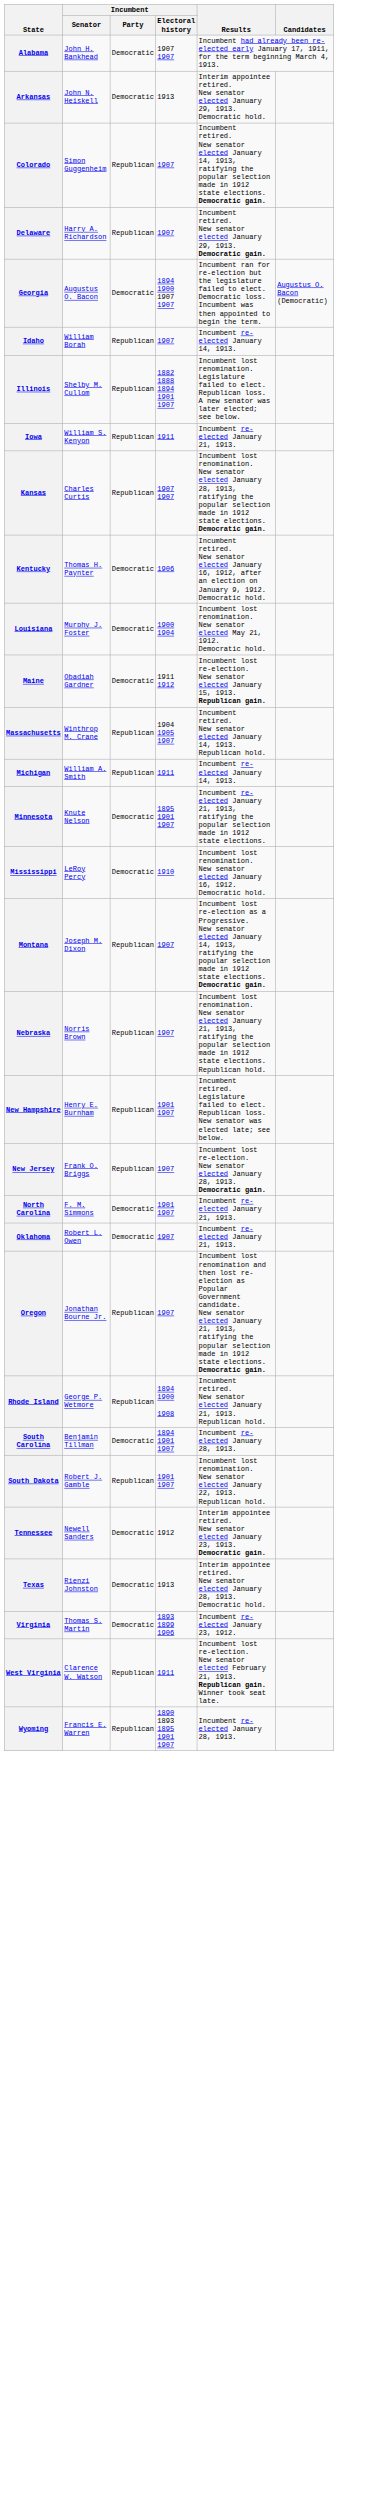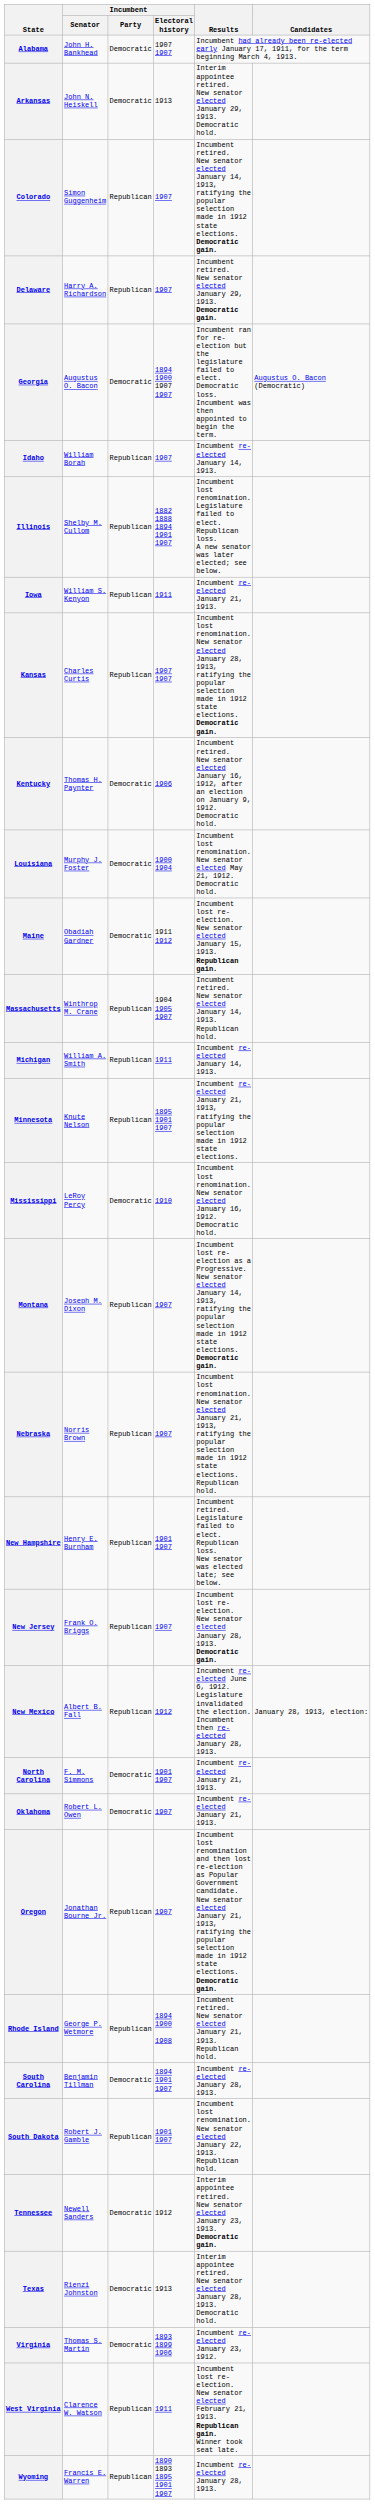 <table class=wikitable>
 <tr valign=bottom>
 <th rowspan=2>State</th>
 <th colspan=3>Incumbent</th>
 <th rowspan=2>Results</th>
 <th rowspan=2>Candidates</th>
 </tr>
 <tr>
 <th>Senator</th>
 <th>Party</th>
 <th>Electoral<br>history</th>
 </tr>
 <tr>
 <th><a href='#'>Alabama</a></th>
 <td><a href='#'>John H. Bankhead</a></td>
 <td>Democratic</td>
 <td>1907 <br><a href='#'>1907 </a></td>
 <td colspan=2>Incumbent <a href='#'>had already been re-elected early</a> January 17, 1911, for the term beginning March 4, 1913.</td>
 </tr>
 <tr>
 <th><a href='#'>Arkansas</a></th>
 <td><a href='#'>John N. Heiskell</a></td>
 <td>Democratic</td>
 <td>1913 </td>
 <td>Interim appointee retired.<br>New senator <a href='#'>elected</a> January 29, 1913.<br>Democratic hold.</td>
 <td nowrap></td>
 </tr>
 <tr>
 <th><a href='#'>Colorado</a></th>
 <td><a href='#'>Simon Guggenheim</a></td>
 <td>Republican</td>
 <td><a href='#'>1907</a></td>
 <td>Incumbent retired.<br>New senator <a href='#'>elected</a> January 14, 1913, ratifying the popular selection made in 1912 state elections.<br><strong>Democratic gain.</strong></td>
 <td nowrap></td>
 </tr>
 <tr>
 <th><a href='#'>Delaware</a></th>
 <td><a href='#'>Harry A. Richardson</a></td>
 <td>Republican</td>
 <td><a href='#'>1907</a></td>
 <td>Incumbent retired.<br>New senator <a href='#'>elected</a> January 29, 1913.<br><strong>Democratic gain.</strong></td>
 <td nowrap></td>
 </tr>
 <tr>
 <th><a href='#'>Georgia</a></th>
 <td><a href='#'>Augustus O. Bacon</a></td>
 <td>Democratic</td>
 <td><a href='#'>1894</a><br><a href='#'>1900</a><br>1907 <br><a href='#'>1907 </a></td>
 <td>Incumbent ran for re-election but the legislature failed to elect.<br>Democratic loss.<br>Incumbent was then appointed to begin the term.</td>
 <td><a href='#'>Augustus O. Bacon</a> (Democratic)</td>
 </tr>
 <tr>
 <th><a href='#'>Idaho</a></th>
 <td><a href='#'>William Borah</a></td>
 <td>Republican</td>
 <td><a href='#'>1907</a></td>
 <td>Incumbent <a href='#'>re-elected</a> January 14, 1913.</td>
 <td nowrap></td>
 </tr>
 <tr>
 <th><a href='#'>Illinois</a></th>
 <td><a href='#'>Shelby M. Cullom</a></td>
 <td>Republican</td>
 <td><a href='#'>1882</a><br><a href='#'>1888</a><br><a href='#'>1894</a><br><a href='#'>1901</a><br><a href='#'>1907</a></td>
 <td>Incumbent lost renomination.<br>Legislature failed to elect.<br>Republican loss.<br>A new senator was later elected; see below.</td>
 <td nowrap></td>
 </tr>
 <tr>
 <th><a href='#'>Iowa</a></th>
 <td><a href='#'>William S. Kenyon</a></td>
 <td>Republican</td>
 <td><a href='#'>1911 </a></td>
 <td>Incumbent <a href='#'>re-elected</a> January 21, 1913.</td>
 <td nowrap></td>
 </tr>
 <tr>
 <th><a href='#'>Kansas</a></th>
 <td><a href='#'>Charles Curtis</a></td>
 <td>Republican</td>
 <td><a href='#'>1907 </a><br><a href='#'>1907</a></td>
 <td>Incumbent lost renomination.<br>New senator <a href='#'>elected</a> January 28, 1913, ratifying the popular selection made in 1912 state elections.<br><strong> Democratic gain.</strong></td>
 <td nowrap></td>
 </tr>
 <tr>
 <th><a href='#'>Kentucky</a></th>
 <td><a href='#'>Thomas H. Paynter</a></td>
 <td>Democratic</td>
 <td><a href='#'>1906</a></td>
 <td>Incumbent retired.<br>New senator <a href='#'>elected</a> January 16, 1912, after an election on January 9, 1912.<br>Democratic hold.</td>
 <td nowrap></td>
 </tr>
 <tr>
 <th><a href='#'>Louisiana</a></th>
 <td><a href='#'>Murphy J. Foster</a></td>
 <td>Democratic</td>
 <td><a href='#'>1900</a><br><a href='#'>1904</a></td>
 <td>Incumbent lost renomination.<br>New senator <a href='#'>elected</a> May 21, 1912.<br>Democratic hold.</td>
 <td nowrap></td>
 </tr>
 <tr>
 <th><a href='#'>Maine</a></th>
 <td><a href='#'>Obadiah Gardner</a></td>
 <td>Democratic</td>
 <td>1911 <br><a href='#'>1912 </a></td>
 <td>Incumbent lost re-election.<br>New senator <a href='#'>elected</a> January 15, 1913.<br><strong>Republican gain.</strong></td>
 <td nowrap></td>
 </tr>
 <tr>
 <th><a href='#'>Massachusetts</a></th>
 <td><a href='#'>Winthrop M. Crane</a></td>
 <td>Republican</td>
 <td>1904 <br><a href='#'>1905 </a><br><a href='#'>1907</a></td>
 <td>Incumbent retired.<br>New senator <a href='#'>elected</a> January 14, 1913.<br>Republican hold.</td>
 <td nowrap></td>
 </tr>
 <tr>
 <th><a href='#'>Michigan</a></th>
 <td><a href='#'>William A. Smith</a></td>
 <td>Republican</td>
 <td><a href='#'>1911</a></td>
 <td>Incumbent <a href='#'>re-elected</a> January 14, 1913.</td>
 <td nowrap></td>
 </tr>
 <tr>
 <th><a href='#'>Minnesota</a></th>
 <td><a href='#'>Knute Nelson</a></td>
-<td>Democratic</td>
+<td>Republican</td>
 <td><a href='#'>1895</a><br><a href='#'>1901</a><br><a href='#'>1907</a></td>
 <td>Incumbent <a href='#'>re-elected</a> January 21, 1913, ratifying the popular selection made in 1912 state elections.</td>
 <td nowrap></td>
 </tr>
 <tr>
 <th><a href='#'>Mississippi</a></th>
 <td><a href='#'>LeRoy Percy</a></td>
 <td>Democratic</td>
 <td><a href='#'>1910 </a></td>
 <td>Incumbent lost renomination.<br>New senator <a href='#'>elected</a> January 16, 1912.<br>Democratic hold.</td>
 <td nowrap></td>
 </tr>
 <tr>
 <th><a href='#'>Montana</a></th>
 <td><a href='#'>Joseph M. Dixon</a></td>
 <td>Republican</td>
 <td><a href='#'>1907</a></td>
 <td>Incumbent lost re-election as a Progressive.<br>New senator <a href='#'>elected</a> January 14, 1913, ratifying the popular selection made in 1912 state elections.<br><strong>Democratic gain.</strong></td>
 <td nowrap></td>
 </tr>
 <tr>
 <th><a href='#'>Nebraska</a></th>
 <td><a href='#'>Norris Brown</a></td>
 <td>Republican</td>
 <td><a href='#'>1907</a></td>
 <td>Incumbent lost renomination.<br>New senator <a href='#'>elected</a> January 21, 1913, ratifying the popular selection made in 1912 state elections.<br>Republican hold.</td>
 <td nowrap></td>
 </tr>
 <tr>
 <th><a href='#'>New Hampshire</a></th>
 <td><a href='#'>Henry E. Burnham</a></td>
 <td>Republican</td>
 <td><a href='#'>1901</a><br><a href='#'>1907</a></td>
 <td>Incumbent retired.<br>Legislature failed to elect.<br>Republican loss.<br>New senator was elected late; see below.</td>
 <td nowrap></td>
 </tr>
 <tr>
 <th><a href='#'>New Jersey</a></th>
 <td><a href='#'>Frank O. Briggs</a></td>
 <td>Republican</td>
 <td><a href='#'>1907</a></td>
 <td>Incumbent lost re-election.<br>New senator <a href='#'>elected</a> January 28, 1913.<br><strong>Democratic gain.</strong></td>
 <td nowrap></td>
+</tr>
+<tr>
+<th><a href='#'>New Mexico</a></th>
+<td><a href='#'>Albert B. Fall</a></td>
+<td>Republican</td>
+<td><a href='#'>1912 </a></td>
+<td>Incumbent <a href='#'>re-elected</a> June 6, 1912.<br>Legislature invalidated the election.<br>Incumbent then <a href='#'>re-elected</a> January 28, 1913.</td>
+<td nowrap>January 28, 1913, election:<br></td>
 </tr>
 <tr>
 <th><a href='#'>North Carolina</a></th>
 <td><a href='#'>F. M. Simmons</a></td>
 <td>Democratic</td>
 <td><a href='#'>1901</a><br><a href='#'>1907</a></td>
 <td>Incumbent <a href='#'>re-elected</a> January 21, 1913.</td>
 <td nowrap></td>
 </tr>
 <tr>
 <th><a href='#'>Oklahoma</a></th>
 <td><a href='#'>Robert L. Owen</a></td>
 <td>Democratic</td>
 <td><a href='#'>1907</a></td>
 <td>Incumbent <a href='#'>re-elected</a> January 21, 1913.</td>
 <td nowrap></td>
 </tr>
 <tr>
 <th><a href='#'>Oregon</a></th>
 <td><a href='#'>Jonathan Bourne Jr.</a></td>
 <td>Republican</td>
 <td><a href='#'>1907</a></td>
 <td>Incumbent lost renomination and then lost re-election as Popular Government candidate.<br>New senator <a href='#'>elected</a> January 21, 1913, ratifying the popular selection made in 1912 state elections.<br><strong>Democratic gain.</strong></td>
 <td nowrap></td>
 </tr>
 <tr>
 <th><a href='#'>Rhode Island</a></th>
 <td><a href='#'>George P. Wetmore</a></td>
 <td>Republican</td>
 <td><a href='#'>1894</a><br><a href='#'>1900</a><br><br><a href='#'>1908 </a></td>
 <td>Incumbent retired.<br>New senator <a href='#'>elected</a> January 21, 1913.<br>Republican hold.</td>
 <td nowrap></td>
 </tr>
 <tr>
 <th><a href='#'>South Carolina</a></th>
 <td><a href='#'>Benjamin Tillman</a></td>
 <td>Democratic</td>
 <td><a href='#'>1894</a><br><a href='#'>1901</a><br><a href='#'>1907</a></td>
 <td>Incumbent <a href='#'>re-elected</a> January 28, 1913.</td>
 <td nowrap></td>
 </tr>
 <tr>
 <th><a href='#'>South Dakota</a></th>
 <td><a href='#'>Robert J. Gamble</a></td>
 <td>Republican</td>
 <td><a href='#'>1901</a><br><a href='#'>1907</a></td>
 <td>Incumbent lost renomination.<br>New senator <a href='#'>elected</a> January 22, 1913.<br>Republican hold.</td>
 <td nowrap></td>
 </tr>
 <tr>
 <th><a href='#'>Tennessee</a></th>
 <td><a href='#'>Newell Sanders</a></td>
 <td>Democratic</td>
 <td>1912 </td>
 <td>Interim appointee retired.<br>New senator <a href='#'>elected</a> January 23, 1913.<br><strong>Democratic gain.</strong></td>
 <td nowrap></td>
 </tr>
 <tr>
 <th><a href='#'>Texas</a></th>
 <td><a href='#'>Rienzi Johnston</a></td>
 <td>Democratic</td>
 <td>1913 </td>
 <td>Interim appointee retired.<br>New senator <a href='#'>elected</a> January 28, 1913.<br>Democratic hold.</td>
 <td nowrap></td>
 </tr>
 <tr>
 <th><a href='#'>Virginia</a></th>
 <td><a href='#'>Thomas S. Martin</a></td>
 <td>Democratic</td>
 <td><a href='#'>1893 </a><br><a href='#'>1899 </a><br><a href='#'>1906</a></td>
 <td>Incumbent <a href='#'>re-elected</a> January 23, 1912.</td>
 <td nowrap></td>
 </tr>
 <tr>
 <th><a href='#'>West Virginia</a></th>
 <td><a href='#'>Clarence W. Watson</a></td>
 <td>Republican</td>
 <td><a href='#'>1911 </a></td>
 <td>Incumbent lost re-election.<br>New senator <a href='#'>elected</a> February 21, 1913.<br><strong>Republican gain.</strong><br>Winner took seat late.</td>
 <td nowrap></td>
 </tr>
 <tr>
 <th><a href='#'>Wyoming</a></th>
 <td><a href='#'>Francis E. Warren</a></td>
 <td>Republican</td>
 <td><a href='#'>1890</a><br>1893 <br><a href='#'>1895</a><br><a href='#'>1901</a><br><a href='#'>1907</a></td>
 <td>Incumbent <a href='#'>re-elected</a> January 28, 1913.</td>
 <td nowrap></td>
 </tr>
 </table>
